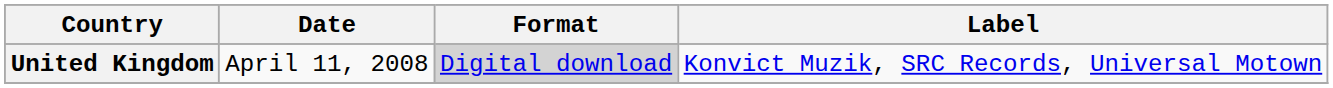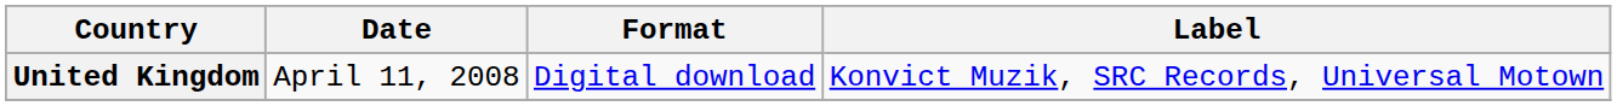 <table class="wikitable plainrowheaders">
 <tr>
 <th scope="col">Country</th>
 <th scope="col">Date</th>
 <th scope="col">Format</th>
 <th scope="col">Label</th>
 </tr>
 <tr>
 <th scope="row">United Kingdom</th>
 <td>April 11, 2008</td>
-<td style="background: lightgrey;"><a href='#'>Digital download</a></td>
+<td><a href='#'>Digital download</a></td>
 <td><a href='#'>Konvict Muzik</a>, <a href='#'>SRC Records</a>, <a href='#'>Universal Motown</a></td>
 </tr>
 <tr>
 </tr>
 </table>
